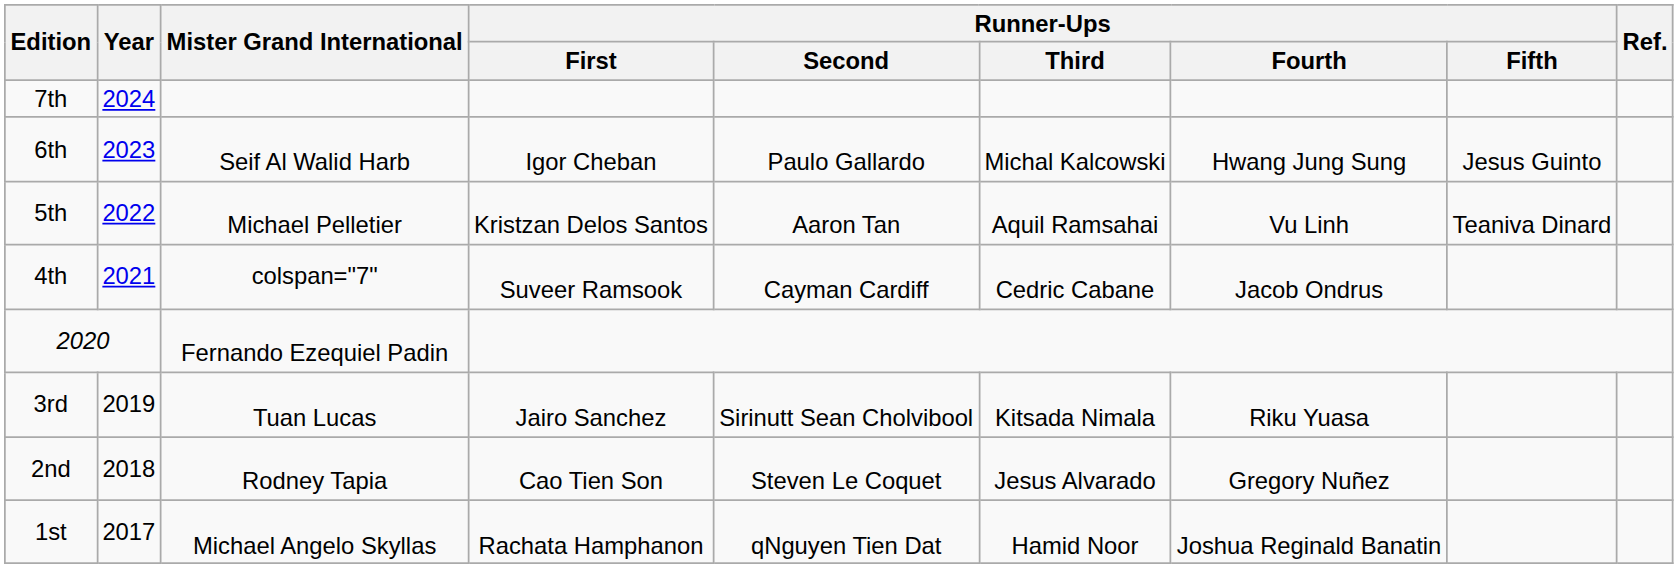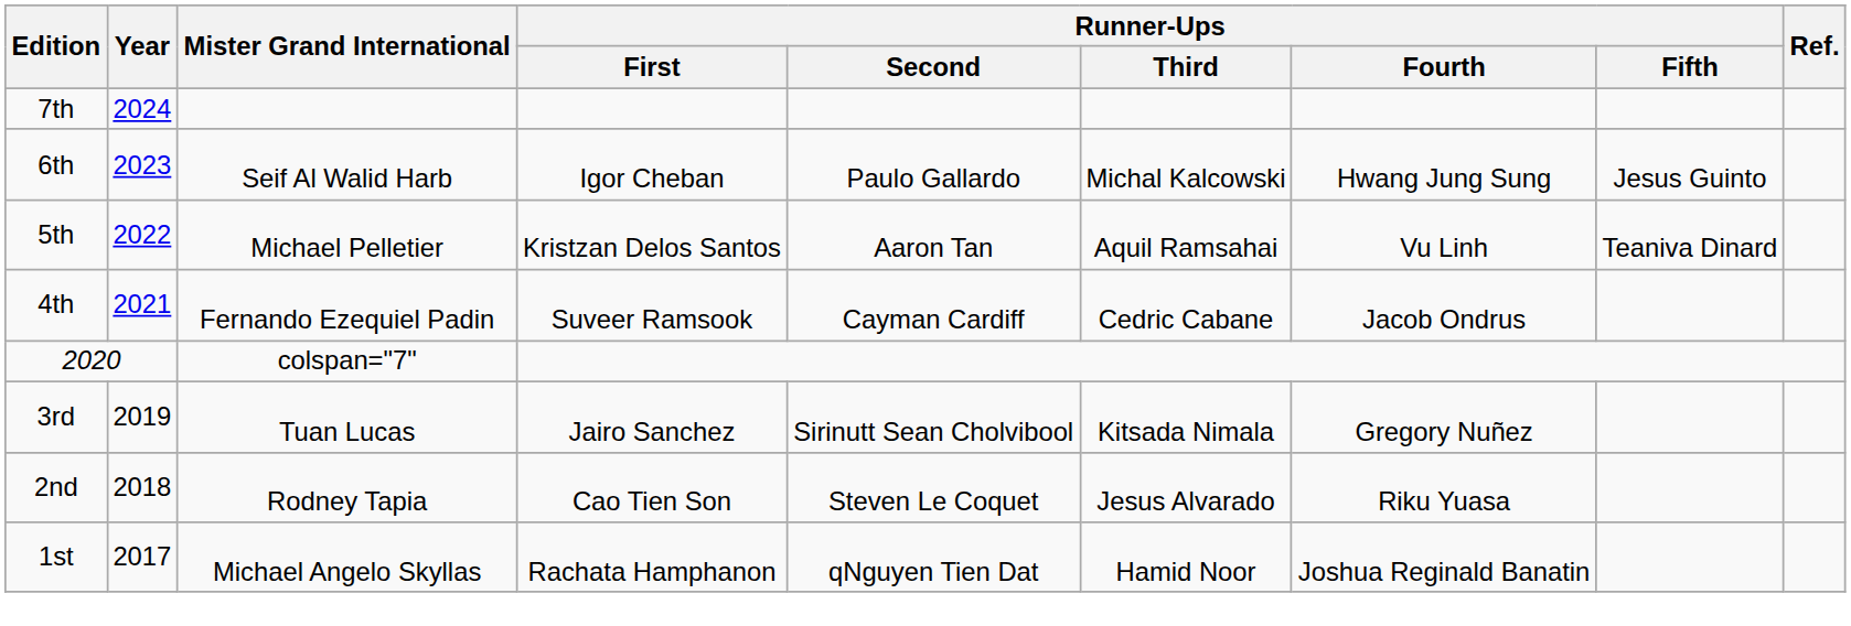 <table class="wikitable sortable" style="font-size:85%; text-align:center">
 <tr>
 <th rowspan=2>Edition</th>
 <th rowspan=2>Year</th>
 <th rowspan=2>Mister Grand International</th>
 <th colspan=5>Runner-Ups</th>
 <th rowspan=2>Ref.</th>
 </tr>
 <tr>
 <th>First</th>
 <th>Second</th>
 <th>Third</th>
 <th>Fourth</th>
 <th>Fifth</th>
 </tr>
 <tr>
 <td>7th</td>
 <td><a href='#'>2024</a></td>
 <td></td>
 <td></td>
 <td></td>
 <td></td>
 <td></td>
 <td></td>
 <td></td>
 </tr>
 <tr>
 <td>6th</td>
 <td><a href='#'>2023</a></td>
 <td><br>Seif Al Walid Harb</td>
 <td><br>Igor Cheban</td>
 <td><br>Paulo Gallardo</td>
 <td><br>Michal Kalcowski</td>
 <td><br>Hwang Jung Sung</td>
 <td><br>Jesus Guinto</td>
 <td></td>
 </tr>
 <tr>
 <td>5th</td>
 <td><a href='#'>2022</a></td>
 <td><br>Michael Pelletier</td>
 <td><br>Kristzan Delos Santos</td>
 <td><br>Aaron Tan</td>
 <td><br>Aquil Ramsahai</td>
 <td><br>Vu Linh</td>
 <td><br>Teaniva Dinard</td>
 <td></td>
 </tr>
 <tr>
 <td>4th</td>
 <td><a href='#'>2021</a></td>
-<td>colspan="7" </td>
+<td><br>Fernando Ezequiel Padin</td>
 <td><br>Suveer Ramsook</td>
 <td><br>Cayman Cardiff</td>
 <td><br>Cedric Cabane</td>
 <td><br>Jacob Ondrus</td>
 <td></td>
 <td></td>
 </tr>
 <tr>
 <td colspan=2><em>2020</em></td>
-<td><br>Fernando Ezequiel Padin</td>
+<td>colspan="7" </td>
 </tr>
 <tr>
 <td>3rd</td>
 <td>2019</td>
 <td><br>Tuan Lucas</td>
 <td><br>Jairo Sanchez</td>
 <td><br>Sirinutt Sean Cholvibool</td>
 <td><br>Kitsada Nimala</td>
-<td><br>Riku Yuasa</td>
+<td><br>Gregory Nuñez</td>
 <td></td>
 <td></td>
 </tr>
 <tr>
 <td>2nd</td>
 <td>2018</td>
 <td><br>Rodney Tapia</td>
 <td><br>Cao Tien Son</td>
 <td><br>Steven Le Coquet</td>
 <td><br>Jesus Alvarado</td>
-<td><br>Gregory Nuñez</td>
+<td><br>Riku Yuasa</td>
 <td></td>
 <td></td>
 </tr>
 <tr>
 <td>1st</td>
 <td>2017</td>
 <td><br>Michael Angelo Skyllas</td>
 <td><br>Rachata Hamphanon</td>
 <td><br>qNguyen Tien Dat</td>
 <td><br>Hamid Noor</td>
 <td><br>Joshua Reginald Banatin</td>
 <td></td>
 <td></td>
 </tr>
 </table>
